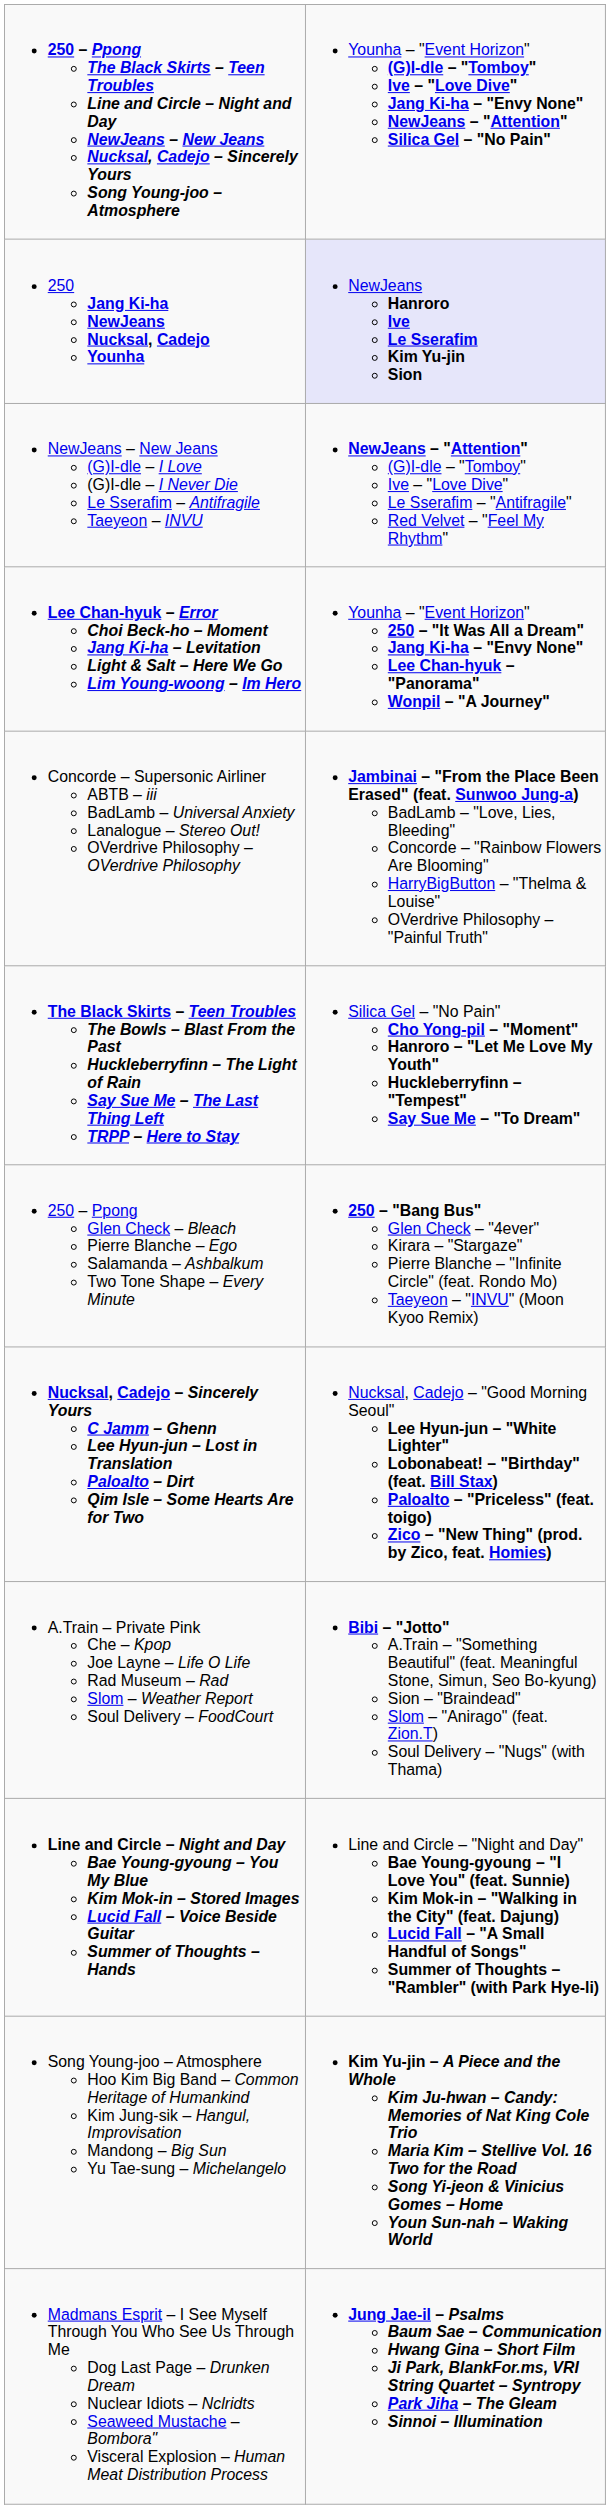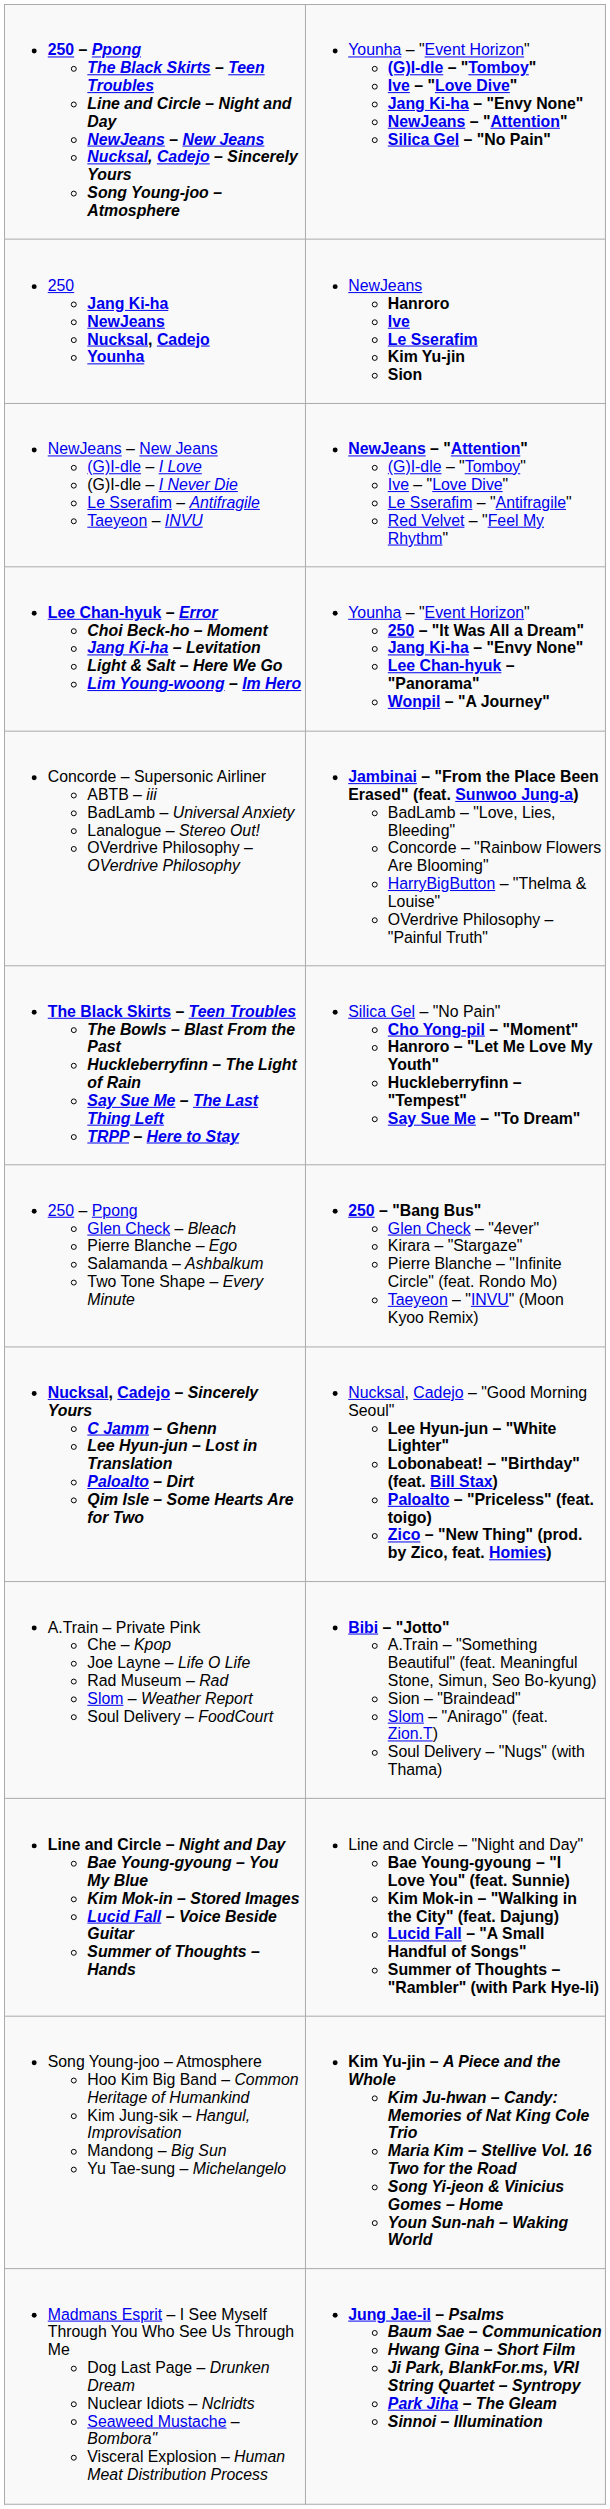 <table class="wikitable">
 <tr>
 <td style="vertical-align:top;" width="50%"><br><ul><li><strong><a href='#'>250</a> – <em><a href='#'>Ppong</a><strong><em><ul><li><a href='#'>The Black Skirts</a> – </em><a href='#'>Teen Troubles</a><em></li><li>Line and Circle – </em>Night and Day<em></li><li><a href='#'>NewJeans</a> – </em><a href='#'>New Jeans</a><em></li><li><a href='#'>Nucksal</a>, <a href='#'>Cadejo</a> – </em>Sincerely Yours<em></li><li>Song Young-joo – </em>Atmosphere<em></li></ul></li></ul></td>
 <td style="vertical-align:top;" width="50%"><br><ul><li></strong><a href='#'>Younha</a> – "<a href='#'>Event Horizon</a>"<strong><ul><li><a href='#'>(G)I-dle</a> – "<a href='#'>Tomboy</a>"</li><li><a href='#'>Ive</a> – "<a href='#'>Love Dive</a>"</li><li><a href='#'>Jang Ki-ha</a> – "Envy None"</li><li><a href='#'>NewJeans</a> – "<a href='#'>Attention</a>"</li><li><a href='#'>Silica Gel</a> – "No Pain"</li></ul></li></ul></td>
 </tr>
 <tr>
 <td style="vertical-align:top;" width="50%"><br><ul><li></strong><a href='#'>250</a><strong><ul><li><a href='#'>Jang Ki-ha</a></li><li><a href='#'>NewJeans</a></li><li><a href='#'>Nucksal</a>, <a href='#'>Cadejo</a></li><li><a href='#'>Younha</a></li></ul></li></ul></td>
-<td style="background: lavender; vertical-align:top;" width="50%"><br><ul><li></strong><a href='#'>NewJeans</a><strong><ul><li>Hanroro</li><li><a href='#'>Ive</a></li><li><a href='#'>Le Sserafim</a></li><li>Kim Yu-jin</li><li>Sion</li></ul></li></ul></td>
+<td style="vertical-align:top;" width="50%"><br><ul><li></strong><a href='#'>NewJeans</a><strong><ul><li>Hanroro</li><li><a href='#'>Ive</a></li><li><a href='#'>Le Sserafim</a></li><li>Kim Yu-jin</li><li>Sion</li></ul></li></ul></td>
 </tr>
 <tr>
 <td style="vertical-align:top;" width="50%"><br><ul><li></strong><a href='#'>NewJeans</a> – </em><a href='#'>New Jeans</a></em></strong><ul><li><a href='#'>(G)I-dle</a> – <em><a href='#'>I Love</a></em></li><li>(G)I-dle – <em><a href='#'>I Never Die</a></em></li><li><a href='#'>Le Sserafim</a> – <em><a href='#'>Antifragile</a></em></li><li><a href='#'>Taeyeon</a> – <em><a href='#'>INVU</a></em></li></ul></li></ul></td>
 <td style="vertical-align:top;" width="50%"><br><ul><li><strong><a href='#'>NewJeans</a> – "<a href='#'>Attention</a>"</strong><ul><li><a href='#'>(G)I-dle</a> – "<a href='#'>Tomboy</a>"</li><li><a href='#'>Ive</a> – "<a href='#'>Love Dive</a>"</li><li><a href='#'>Le Sserafim</a> – "<a href='#'>Antifragile</a>"</li><li><a href='#'>Red Velvet</a> – "<a href='#'>Feel My Rhythm</a>"</li></ul></li></ul></td>
 </tr>
 <tr>
 <td style="vertical-align:top;" width="50%"><br><ul><li><strong><a href='#'>Lee Chan-hyuk</a> – <em><a href='#'>Error</a><strong><em><ul><li>Choi Beck-ho – </em>Moment<em></li><li><a href='#'>Jang Ki-ha</a> – </em>Levitation<em></li><li>Light & Salt – </em>Here We Go<em></li><li><a href='#'>Lim Young-woong</a> – </em><a href='#'>Im Hero</a><em></li></ul></li></ul></td>
 <td style="vertical-align:top;" width="50%"><br><ul><li></strong><a href='#'>Younha</a> – "<a href='#'>Event Horizon</a>"<strong><ul><li><a href='#'>250</a> – "It Was All a Dream"</li><li><a href='#'>Jang Ki-ha</a> – "Envy None"</li><li><a href='#'>Lee Chan-hyuk</a> – "Panorama"</li><li><a href='#'>Wonpil</a> – "A Journey"</li></ul></li></ul></td>
 </tr>
 <tr>
 <td style="vertical-align:top;" width="50%"><br><ul><li></strong>Concorde – </em>Supersonic Airliner</em></strong><ul><li>ABTB – <em>iii</em></li><li>BadLamb – <em>Universal Anxiety</em></li><li>Lanalogue – <em>Stereo Out!</em></li><li>OVerdrive Philosophy – <em>OVerdrive Philosophy</em></li></ul></li></ul></td>
 <td style="vertical-align:top;" width="50%"><br><ul><li><strong><a href='#'>Jambinai</a> – "From the Place Been Erased" (feat. <a href='#'>Sunwoo Jung-a</a>)</strong><ul><li>BadLamb – "Love, Lies, Bleeding"</li><li>Concorde – "Rainbow Flowers Are Blooming"</li><li><a href='#'>HarryBigButton</a> – "Thelma & Louise"</li><li>OVerdrive Philosophy – "Painful Truth"</li></ul></li></ul></td>
 </tr>
 <tr>
 <td style="vertical-align:top;" width="50%"><br><ul><li><strong><a href='#'>The Black Skirts</a> – <em><a href='#'>Teen Troubles</a><strong><em><ul><li>The Bowls – </em>Blast From the Past<em></li><li>Huckleberryfinn – </em>The Light of Rain<em></li><li><a href='#'>Say Sue Me</a> – </em><a href='#'>The Last Thing Left</a><em></li><li><a href='#'>TRPP</a> – </em><a href='#'>Here to Stay</a><em></li></ul></li></ul></td>
 <td style="vertical-align:top;" width="50%"><br><ul><li></strong><a href='#'>Silica Gel</a> – "No Pain"<strong><ul><li><a href='#'>Cho Yong-pil</a> – "Moment"</li><li>Hanroro – "Let Me Love My Youth"</li><li>Huckleberryfinn – "Tempest"</li><li><a href='#'>Say Sue Me</a> – "To Dream"</li></ul></li></ul></td>
 </tr>
 <tr>
 <td style="vertical-align:top;" width="50%"><br><ul><li></strong><a href='#'>250</a> – </em><a href='#'>Ppong</a></em></strong><ul><li><a href='#'>Glen Check</a> – <em>Bleach</em></li><li>Pierre Blanche – <em>Ego</em></li><li>Salamanda – <em>Ashbalkum</em></li><li>Two Tone Shape – <em>Every Minute</em></li></ul></li></ul></td>
 <td style="vertical-align:top;" width="50%"><br><ul><li><strong><a href='#'>250</a> – "Bang Bus"</strong><ul><li><a href='#'>Glen Check</a> – "4ever"</li><li>Kirara – "Stargaze"</li><li>Pierre Blanche – "Infinite Circle" (feat. Rondo Mo)</li><li><a href='#'>Taeyeon</a> – "<a href='#'>INVU</a>" (Moon Kyoo Remix)</li></ul></li></ul></td>
 </tr>
 <tr>
 <td style="vertical-align:top;" width="50%"><br><ul><li><strong><a href='#'>Nucksal</a>, <a href='#'>Cadejo</a> – <em>Sincerely Yours<strong><em><ul><li><a href='#'>C Jamm</a> – </em>Ghenn<em></li><li>Lee Hyun-jun – </em>Lost in Translation<em></li><li><a href='#'>Paloalto</a> – </em>Dirt<em></li><li>Qim Isle – </em>Some Hearts Are for Two<em></li></ul></li></ul></td>
 <td style="vertical-align:top;" width="50%"><br><ul><li></strong><a href='#'>Nucksal</a>, <a href='#'>Cadejo</a> – "Good Morning Seoul"<strong><ul><li>Lee Hyun-jun – "White Lighter"</li><li>Lobonabeat! – "Birthday" (feat. <a href='#'>Bill Stax</a>)</li><li><a href='#'>Paloalto</a> – "Priceless" (feat. toigo)</li><li><a href='#'>Zico</a> – "New Thing" (prod. by Zico, feat. <a href='#'>Homies</a>)</li></ul></li></ul></td>
 </tr>
 <tr>
 <td style="vertical-align:top;" width="50%"><br><ul><li></strong>A.Train – </em>Private Pink</em></strong><ul><li>Che – <em>Kpop</em></li><li>Joe Layne – <em>Life O Life</em></li><li>Rad Museum – <em>Rad</em></li><li><a href='#'>Slom</a> – <em>Weather Report</em></li><li>Soul Delivery – <em>FoodCourt</em></li></ul></li></ul></td>
 <td style="vertical-align:top" width="50%"><br><ul><li><strong><a href='#'>Bibi</a> – "Jotto"</strong><ul><li>A.Train – "Something Beautiful" (feat. Meaningful Stone, Simun, Seo Bo-kyung)</li><li>Sion – "Braindead"</li><li><a href='#'>Slom</a> – "Anirago" (feat. <a href='#'>Zion.T</a>)</li><li>Soul Delivery – "Nugs" (with Thama)</li></ul></li></ul></td>
 </tr>
 <tr>
 <td style="vertical-align:top;" width="50%"><br><ul><li><strong>Line and Circle – <em>Night and Day<strong><em><ul><li>Bae Young-gyoung – </em>You My Blue<em></li><li>Kim Mok-in – </em>Stored Images<em></li><li><a href='#'>Lucid Fall</a> – </em>Voice Beside Guitar<em></li><li>Summer of Thoughts – </em>Hands<em></li></ul></li></ul></td>
 <td style="vertical-align:top;" width="50%"><br><ul><li></strong>Line and Circle – "Night and Day"<strong><ul><li>Bae Young-gyoung – "I Love You" (feat. Sunnie)</li><li>Kim Mok-in – "Walking in the City" (feat. Dajung)</li><li><a href='#'>Lucid Fall</a> – "A Small Handful of Songs"</li><li>Summer of Thoughts – "Rambler" (with Park Hye-li)</li></ul></li></ul></td>
 </tr>
 <tr>
 <td style="vertical-align:top;" width="50%"><br><ul><li></strong>Song Young-joo – </em>Atmosphere</em></strong><ul><li>Hoo Kim Big Band – <em>Common Heritage of Humankind</em></li><li>Kim Jung-sik – <em>Hangul, Improvisation</em></li><li>Mandong – <em>Big Sun</em></li><li>Yu Tae-sung – <em>Michelangelo</em></li></ul></li></ul></td>
 <td style="vertical-align:top;" width="50%"><br><ul><li><strong>Kim Yu-jin – <em>A Piece and the Whole<strong><em><ul><li>Kim Ju-hwan – </em>Candy: Memories of Nat King Cole Trio<em></li><li>Maria Kim – </em>Stellive Vol. 16 Two for the Road<em></li><li>Song Yi-jeon & Vinicius Gomes – </em>Home<em></li><li>Youn Sun-nah – </em>Waking World<em></li></ul></li></ul></td>
 </tr>
 <tr>
 <td style="vertical-align:top;" width="50%"><br><ul><li></strong><a href='#'>Madmans Esprit</a> – </em>I See Myself Through You Who See Us Through Me</em></strong><ul><li>Dog Last Page – <em>Drunken Dream</em></li><li>Nuclear Idiots – <em>Nclridts</em></li><li><a href='#'>Seaweed Mustache</a> – <em>Bombora"</em></li><li>Visceral Explosion – <em>Human Meat Distribution Process</em></li></ul></li></ul></td>
 <td style="vertical-align:top;" width="50%"><br><ul><li><strong><a href='#'>Jung Jae-il</a> – <em>Psalms<strong><em><ul><li>Baum Sae – </em>Communication<em></li><li>Hwang Gina – </em>Short Film<em></li><li>Ji Park, BlankFor.ms, VRI String Quartet – </em>Syntropy<em></li><li><a href='#'>Park Jiha</a> – </em>The Gleam<em></li><li>Sinnoi – </em>Illumination<em></li></ul></li></ul></td>
 </tr>
 </table>
